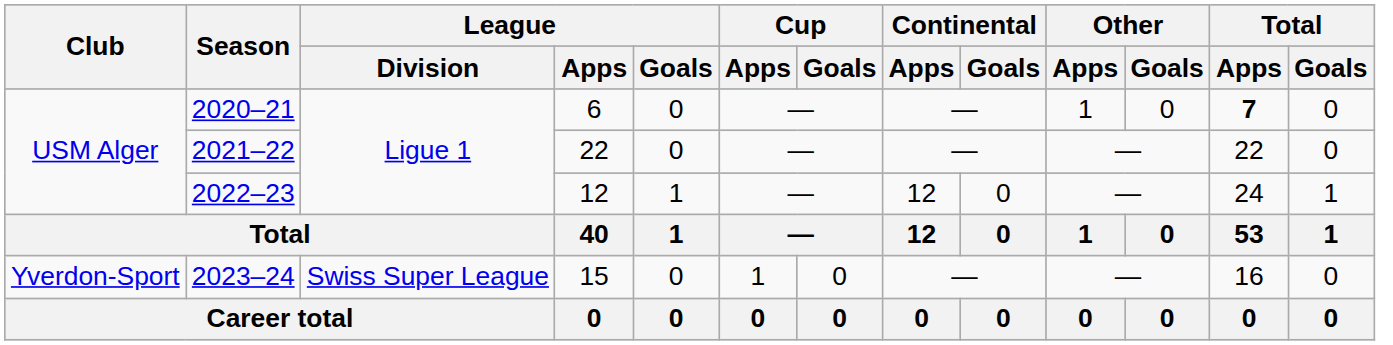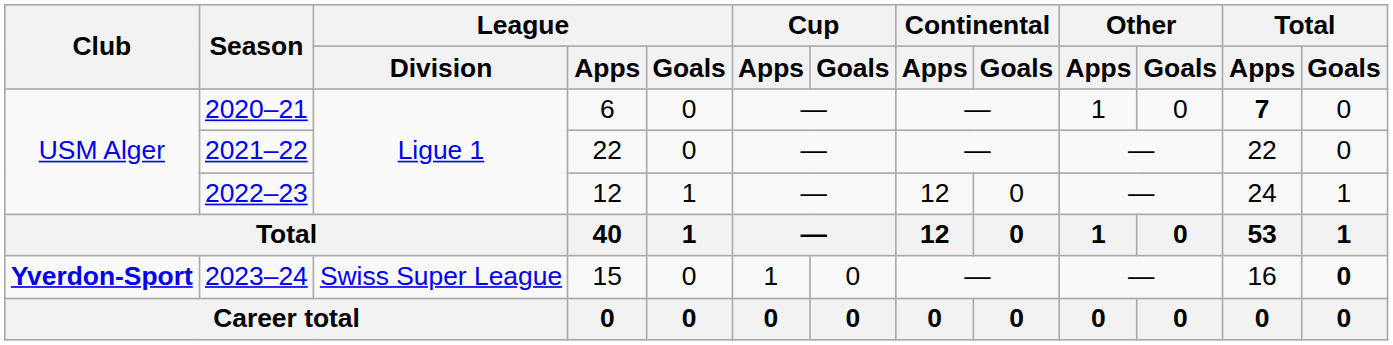 <table class="wikitable" style="text-align: center;">
 <tr>
 <th rowspan="2">Club</th>
 <th rowspan="2">Season</th>
 <th colspan="3">League</th>
 <th colspan="2">Cup</th>
 <th colspan="2">Continental</th>
 <th colspan="2">Other</th>
 <th colspan="2">Total</th>
 </tr>
 <tr>
 <th>Division</th>
 <th>Apps</th>
 <th>Goals</th>
 <th>Apps</th>
 <th>Goals</th>
 <th>Apps</th>
 <th>Goals</th>
 <th>Apps</th>
 <th>Goals</th>
 <th>Apps</th>
 <th>Goals</th>
 </tr>
 <tr>
 <td rowspan=3><a href='#'>USM Alger</a></td>
 <td><a href='#'>2020–21</a></td>
 <td rowspan=3><a href='#'>Ligue 1</a></td>
 <td>6</td>
 <td>0</td>
 <td colspan=2>—</td>
 <td colspan=2>—</td>
 <td>1</td>
 <td>0</td>
 <td><strong>7</strong></td>
 <td>0</td>
 </tr>
 <tr>
 <td><a href='#'>2021–22</a></td>
 <td>22</td>
 <td>0</td>
 <td colspan=2>—</td>
 <td colspan=2>—</td>
 <td colspan=2>—</td>
 <td>22</td>
 <td>0</td>
 </tr>
 <tr>
 <td><a href='#'>2022–23</a></td>
 <td>12</td>
 <td>1</td>
 <td colspan=2>—</td>
 <td>12</td>
 <td>0</td>
 <td colspan=2>—</td>
 <td>24</td>
 <td>1</td>
 </tr>
 <tr>
 <th colspan="3">Total</th>
 <th>40</th>
 <th>1</th>
 <th colspan=2>—</th>
 <th>12</th>
 <th>0</th>
 <th>1</th>
 <th>0</th>
 <th>53</th>
 <th>1</th>
 </tr>
 <tr>
-<td><a href='#'>Yverdon-Sport</a></td>
+<td><strong><a href='#'>Yverdon-Sport</a></strong></td>
 <td><a href='#'>2023–24</a></td>
 <td><a href='#'>Swiss Super League</a></td>
 <td>15</td>
 <td>0</td>
 <td>1</td>
 <td>0</td>
 <td colspan=2>—</td>
 <td colspan=2>—</td>
 <td>16</td>
-<td>0</td>
+<td><strong>0</strong></td>
 </tr>
 <tr>
 <th colspan="3">Career total</th>
 <th>0</th>
 <th>0</th>
 <th>0</th>
 <th>0</th>
 <th>0</th>
 <th>0</th>
 <th>0</th>
 <th>0</th>
 <th>0</th>
 <th>0</th>
 </tr>
 </table>
